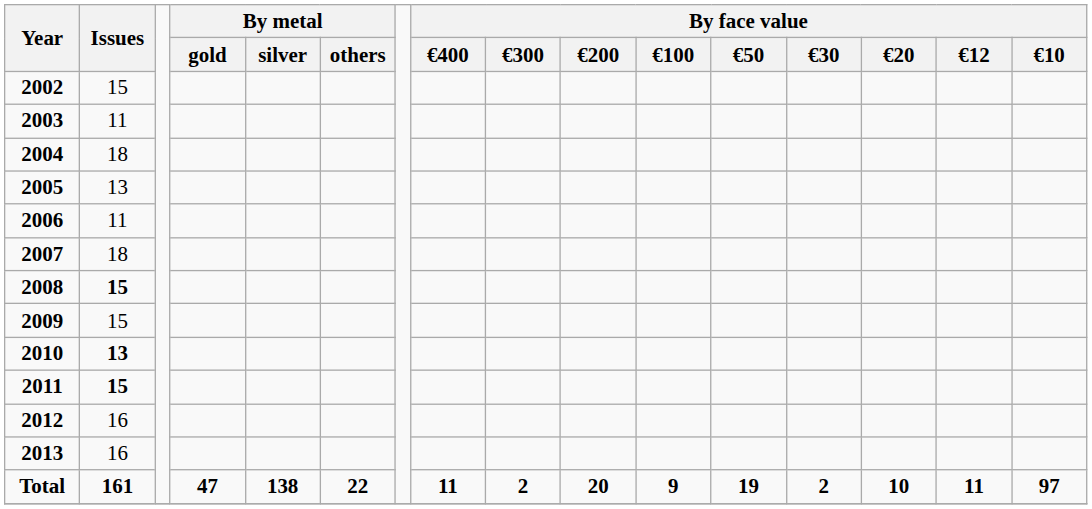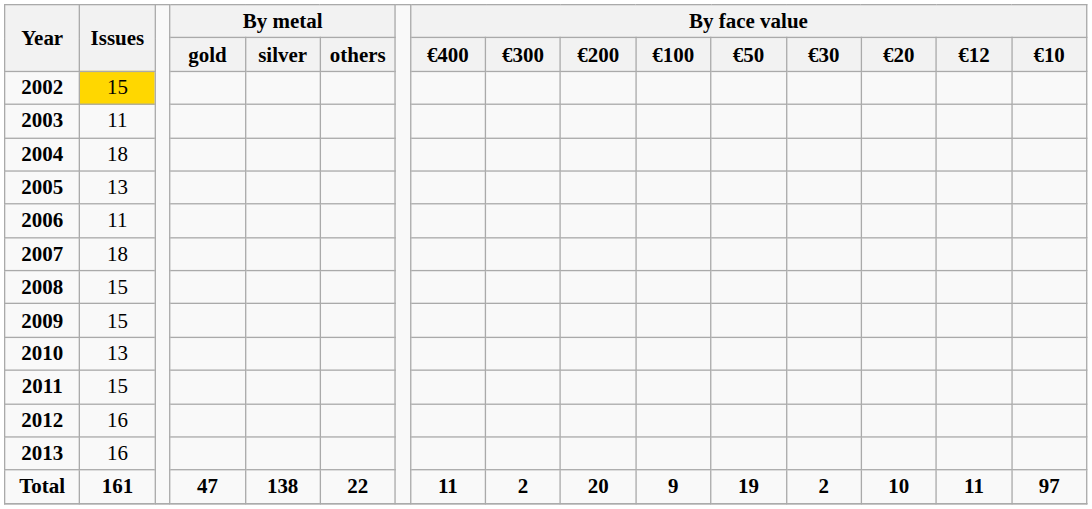 <table class="wikitable" style="text-align: center;">
 <tr>
 <th rowspan=2 width=50px>Year</th>
 <th rowspan=2 width=50px>Issues</th>
 <td rowspan=15> </td>
 <th colspan=3>By metal</th>
 <td rowspan=15> </td>
 <th colspan=9>By face value</th>
 </tr>
 <tr>
 <th width=50px>gold</th>
 <th width=50px>silver</th>
 <th width=50px>others</th>
 <th width=50px>€400</th>
 <th width=50px>€300</th>
 <th width=50px>€200</th>
 <th width=50px>€100</th>
 <th width=50px>€50</th>
 <th width=50px>€30</th>
 <th width=50px>€20</th>
 <th width=50px>€12</th>
 <th width=50px>€10</th>
 </tr>
 <tr>
 <td style="text-align: center;"><strong>2002</strong></td>
-<td>15</td>
+<td style="background: gold;">15</td>
 <td></td>
 <td></td>
 <td></td>
 <td></td>
 <td></td>
 <td></td>
 <td></td>
 <td></td>
 <td></td>
 <td></td>
 <td></td>
 <td></td>
 </tr>
 <tr>
 <td style="text-align: center;"><strong>2003</strong></td>
 <td>11</td>
 <td></td>
 <td></td>
 <td></td>
 <td></td>
 <td></td>
 <td></td>
 <td></td>
 <td></td>
 <td></td>
 <td></td>
 <td></td>
 <td></td>
 </tr>
 <tr>
 <td style="text-align: center;"><strong>2004</strong></td>
 <td>18</td>
 <td></td>
 <td></td>
 <td></td>
 <td></td>
 <td></td>
 <td></td>
 <td></td>
 <td></td>
 <td></td>
 <td></td>
 <td></td>
 <td></td>
 </tr>
 <tr>
 <td style="text-align: center;"><strong>2005</strong></td>
 <td>13</td>
 <td></td>
 <td></td>
 <td></td>
 <td></td>
 <td></td>
 <td></td>
 <td></td>
 <td></td>
 <td></td>
 <td></td>
 <td></td>
 <td></td>
 </tr>
 <tr>
 <td style="text-align: center;"><strong>2006</strong></td>
 <td>11</td>
 <td></td>
 <td></td>
 <td></td>
 <td></td>
 <td></td>
 <td></td>
 <td></td>
 <td></td>
 <td></td>
 <td></td>
 <td></td>
 <td></td>
 </tr>
 <tr>
 <td style="text-align: center;"><strong>2007</strong></td>
 <td>18</td>
 <td></td>
 <td></td>
 <td></td>
 <td></td>
 <td></td>
 <td></td>
 <td></td>
 <td></td>
 <td></td>
 <td></td>
 <td></td>
 <td></td>
 </tr>
 <tr>
 <td style="text-align: center;"><strong>2008</strong></td>
-<td><strong>15</strong></td>
+<td>15</td>
 <td></td>
 <td></td>
 <td></td>
 <td></td>
 <td></td>
 <td></td>
 <td></td>
 <td></td>
 <td></td>
 <td></td>
 <td></td>
 <td></td>
 </tr>
 <tr>
 <td style="text-align: center;"><strong>2009</strong></td>
 <td>15</td>
 <td></td>
 <td></td>
 <td></td>
 <td></td>
 <td></td>
 <td></td>
 <td></td>
 <td></td>
 <td></td>
 <td></td>
 <td></td>
 <td></td>
 </tr>
 <tr>
 <td style="text-align: center;"><strong>2010</strong></td>
-<td><strong>13</strong></td>
+<td>13</td>
 <td></td>
 <td></td>
 <td></td>
 <td></td>
 <td></td>
 <td></td>
 <td></td>
 <td></td>
 <td></td>
 <td></td>
 <td></td>
 <td></td>
 </tr>
 <tr>
 <td style="text-align: center;"><strong>2011</strong></td>
-<td><strong>15</strong></td>
+<td>15</td>
 <td></td>
 <td></td>
 <td></td>
 <td></td>
 <td></td>
 <td></td>
 <td></td>
 <td></td>
 <td></td>
 <td></td>
 <td></td>
 <td></td>
 </tr>
 <tr>
 <td style="text-align: center;"><strong>2012</strong></td>
 <td>16</td>
 <td></td>
 <td></td>
 <td></td>
 <td></td>
 <td></td>
 <td></td>
 <td></td>
 <td></td>
 <td></td>
 <td></td>
 <td></td>
 <td></td>
 </tr>
 <tr>
 <td style="text-align: center;"><strong>2013</strong></td>
 <td>16</td>
 <td></td>
 <td></td>
 <td></td>
 <td></td>
 <td></td>
 <td></td>
 <td></td>
 <td></td>
 <td></td>
 <td></td>
 <td></td>
 <td></td>
 </tr>
 <tr>
 <td style="text-align: center;"><strong>Total</strong></td>
 <td><strong>161</strong></td>
 <td><strong>47</strong></td>
 <td><strong>138</strong></td>
 <td><strong>22</strong></td>
 <td><strong>11</strong></td>
 <td><strong>2</strong></td>
 <td><strong>20</strong></td>
 <td><strong>9</strong></td>
 <td><strong>19</strong></td>
 <td><strong>2</strong></td>
 <td><strong>10</strong></td>
 <td><strong>11</strong></td>
 <td><strong>97</strong></td>
 </tr>
 <tr>
 </tr>
 </table>
